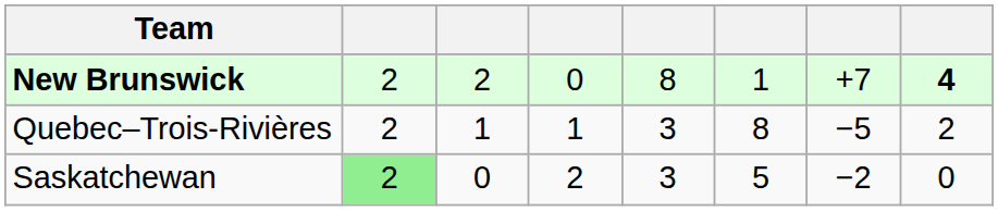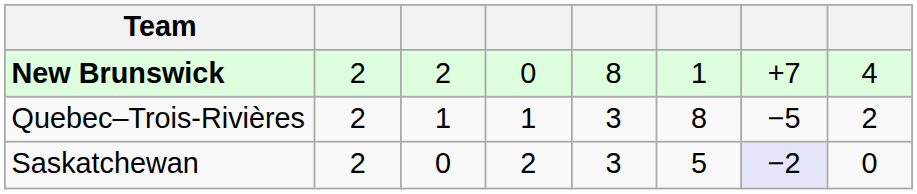 <table class="wikitable" style="text-align:center;">
 <tr>
 <th width=165>Team</th>
 <th width=40></th>
 <th width=40></th>
 <th width=40></th>
 <th width=40></th>
 <th width=40></th>
 <th width=40></th>
 <th width=40></th>
 </tr>
 <tr bgcolor=ddffdd>
 <td style="text-align:left;"><strong>New Brunswick</strong></td>
 <td>2</td>
 <td>2</td>
 <td>0</td>
 <td>8</td>
 <td>1</td>
 <td>+7</td>
-<td><strong>4</strong></td>
+<td>4</td>
 </tr>
 <tr>
 <td style="text-align:left;">Quebec–Trois-Rivières</td>
 <td>2</td>
 <td>1</td>
 <td>1</td>
 <td>3</td>
 <td>8</td>
 <td>−5</td>
 <td>2</td>
 </tr>
 <tr>
 <td style="text-align:left;">Saskatchewan</td>
-<td style="background: lightgreen;">2</td>
+<td>2</td>
 <td>0</td>
 <td>2</td>
 <td>3</td>
 <td>5</td>
-<td>−2</td>
+<td style="background: lavender;">−2</td>
 <td>0</td>
 </tr>
 </table>
